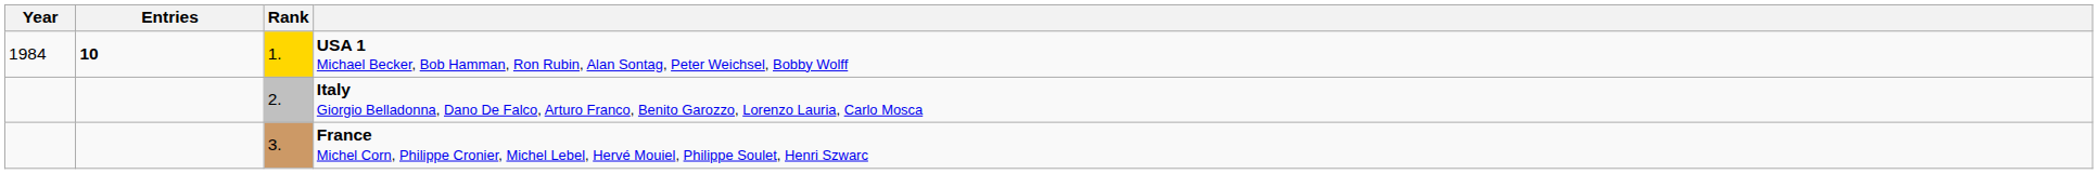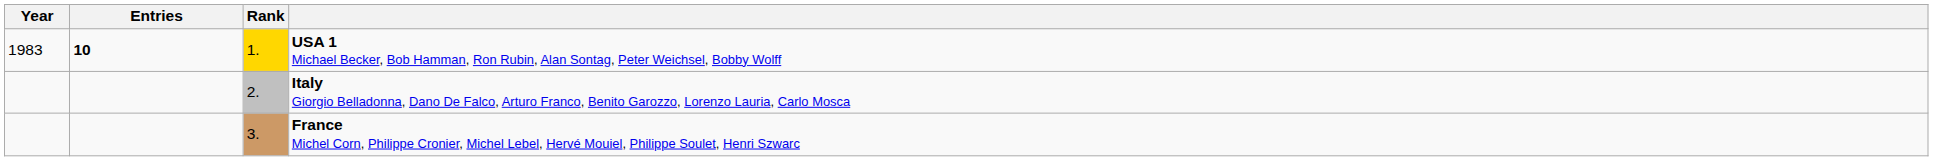 <table class="wikitable" style="width:100%;">
 <tr>
 <th>Year</th>
 <th>Entries</th>
 <th>Rank</th>
 <th></th>
 </tr>
 <tr>
-<td width = 60>1984</td>
+<td width = 60>1983</td>
 <td><strong>10</strong></td>
 <td style="background:gold; width:30px;">1.</td>
 <td> <strong>USA 1</strong> <br><small><a href='#'>Michael Becker</a>, <a href='#'>Bob Hamman</a>, <a href='#'>Ron Rubin</a>, <a href='#'>Alan Sontag</a>, <a href='#'>Peter Weichsel</a>, <a href='#'>Bobby Wolff</a></small></td>
 </tr>
 <tr>
 <td></td>
 <td></td>
 <td style="background:silver;">2.</td>
 <td> <strong>Italy</strong><br><small><a href='#'>Giorgio Belladonna</a>, <a href='#'>Dano De Falco</a>, <a href='#'>Arturo Franco</a>, <a href='#'>Benito Garozzo</a>, <a href='#'>Lorenzo Lauria</a>, <a href='#'>Carlo Mosca</a></small></td>
 </tr>
 <tr>
 <td></td>
 <td></td>
 <td style="background:#c96;">3.</td>
 <td> <strong>France</strong><br><small><a href='#'>Michel Corn</a>, <a href='#'>Philippe Cronier</a>, <a href='#'>Michel Lebel</a>, <a href='#'>Hervé Mouiel</a>, <a href='#'>Philippe Soulet</a>, <a href='#'>Henri Szwarc</a></small></td>
 </tr>
 </table>
